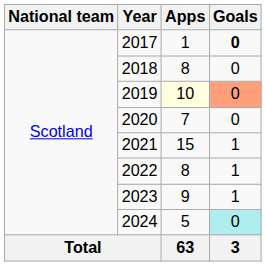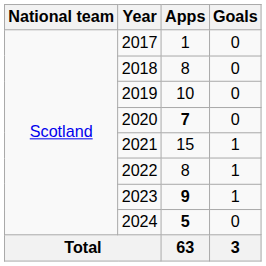 <table class=wikitable style="text-align: center">
 <tr>
 <th>National team</th>
 <th>Year</th>
 <th>Apps</th>
 <th>Goals</th>
 </tr>
 <tr>
 <td rowspan="8"><a href='#'>Scotland</a></td>
 <td>2017</td>
 <td>1</td>
-<td><strong>0</strong></td>
+<td>0</td>
 </tr>
 <tr>
 <td>2018</td>
 <td>8</td>
 <td>0</td>
 </tr>
 <tr>
 <td>2019</td>
-<td style="background: lightyellow;">10</td>
-<td style="background: lightsalmon;">0</td>
+<td>10</td>
+<td>0</td>
 </tr>
 <tr>
 <td>2020</td>
-<td>7</td>
+<td><strong>7</strong></td>
 <td>0</td>
 </tr>
 <tr>
 <td>2021</td>
 <td>15</td>
 <td>1</td>
 </tr>
 <tr>
 <td>2022</td>
 <td>8</td>
 <td>1</td>
 </tr>
 <tr>
 <td>2023</td>
-<td>9</td>
+<td><strong>9</strong></td>
 <td>1</td>
 </tr>
 <tr>
 <td>2024</td>
-<td>5</td>
-<td style="background: paleturquoise;">0</td>
+<td><strong>5</strong></td>
+<td>0</td>
 </tr>
 <tr>
 <th colspan="2">Total</th>
 <th>63</th>
 <th>3</th>
 </tr>
 </table>
